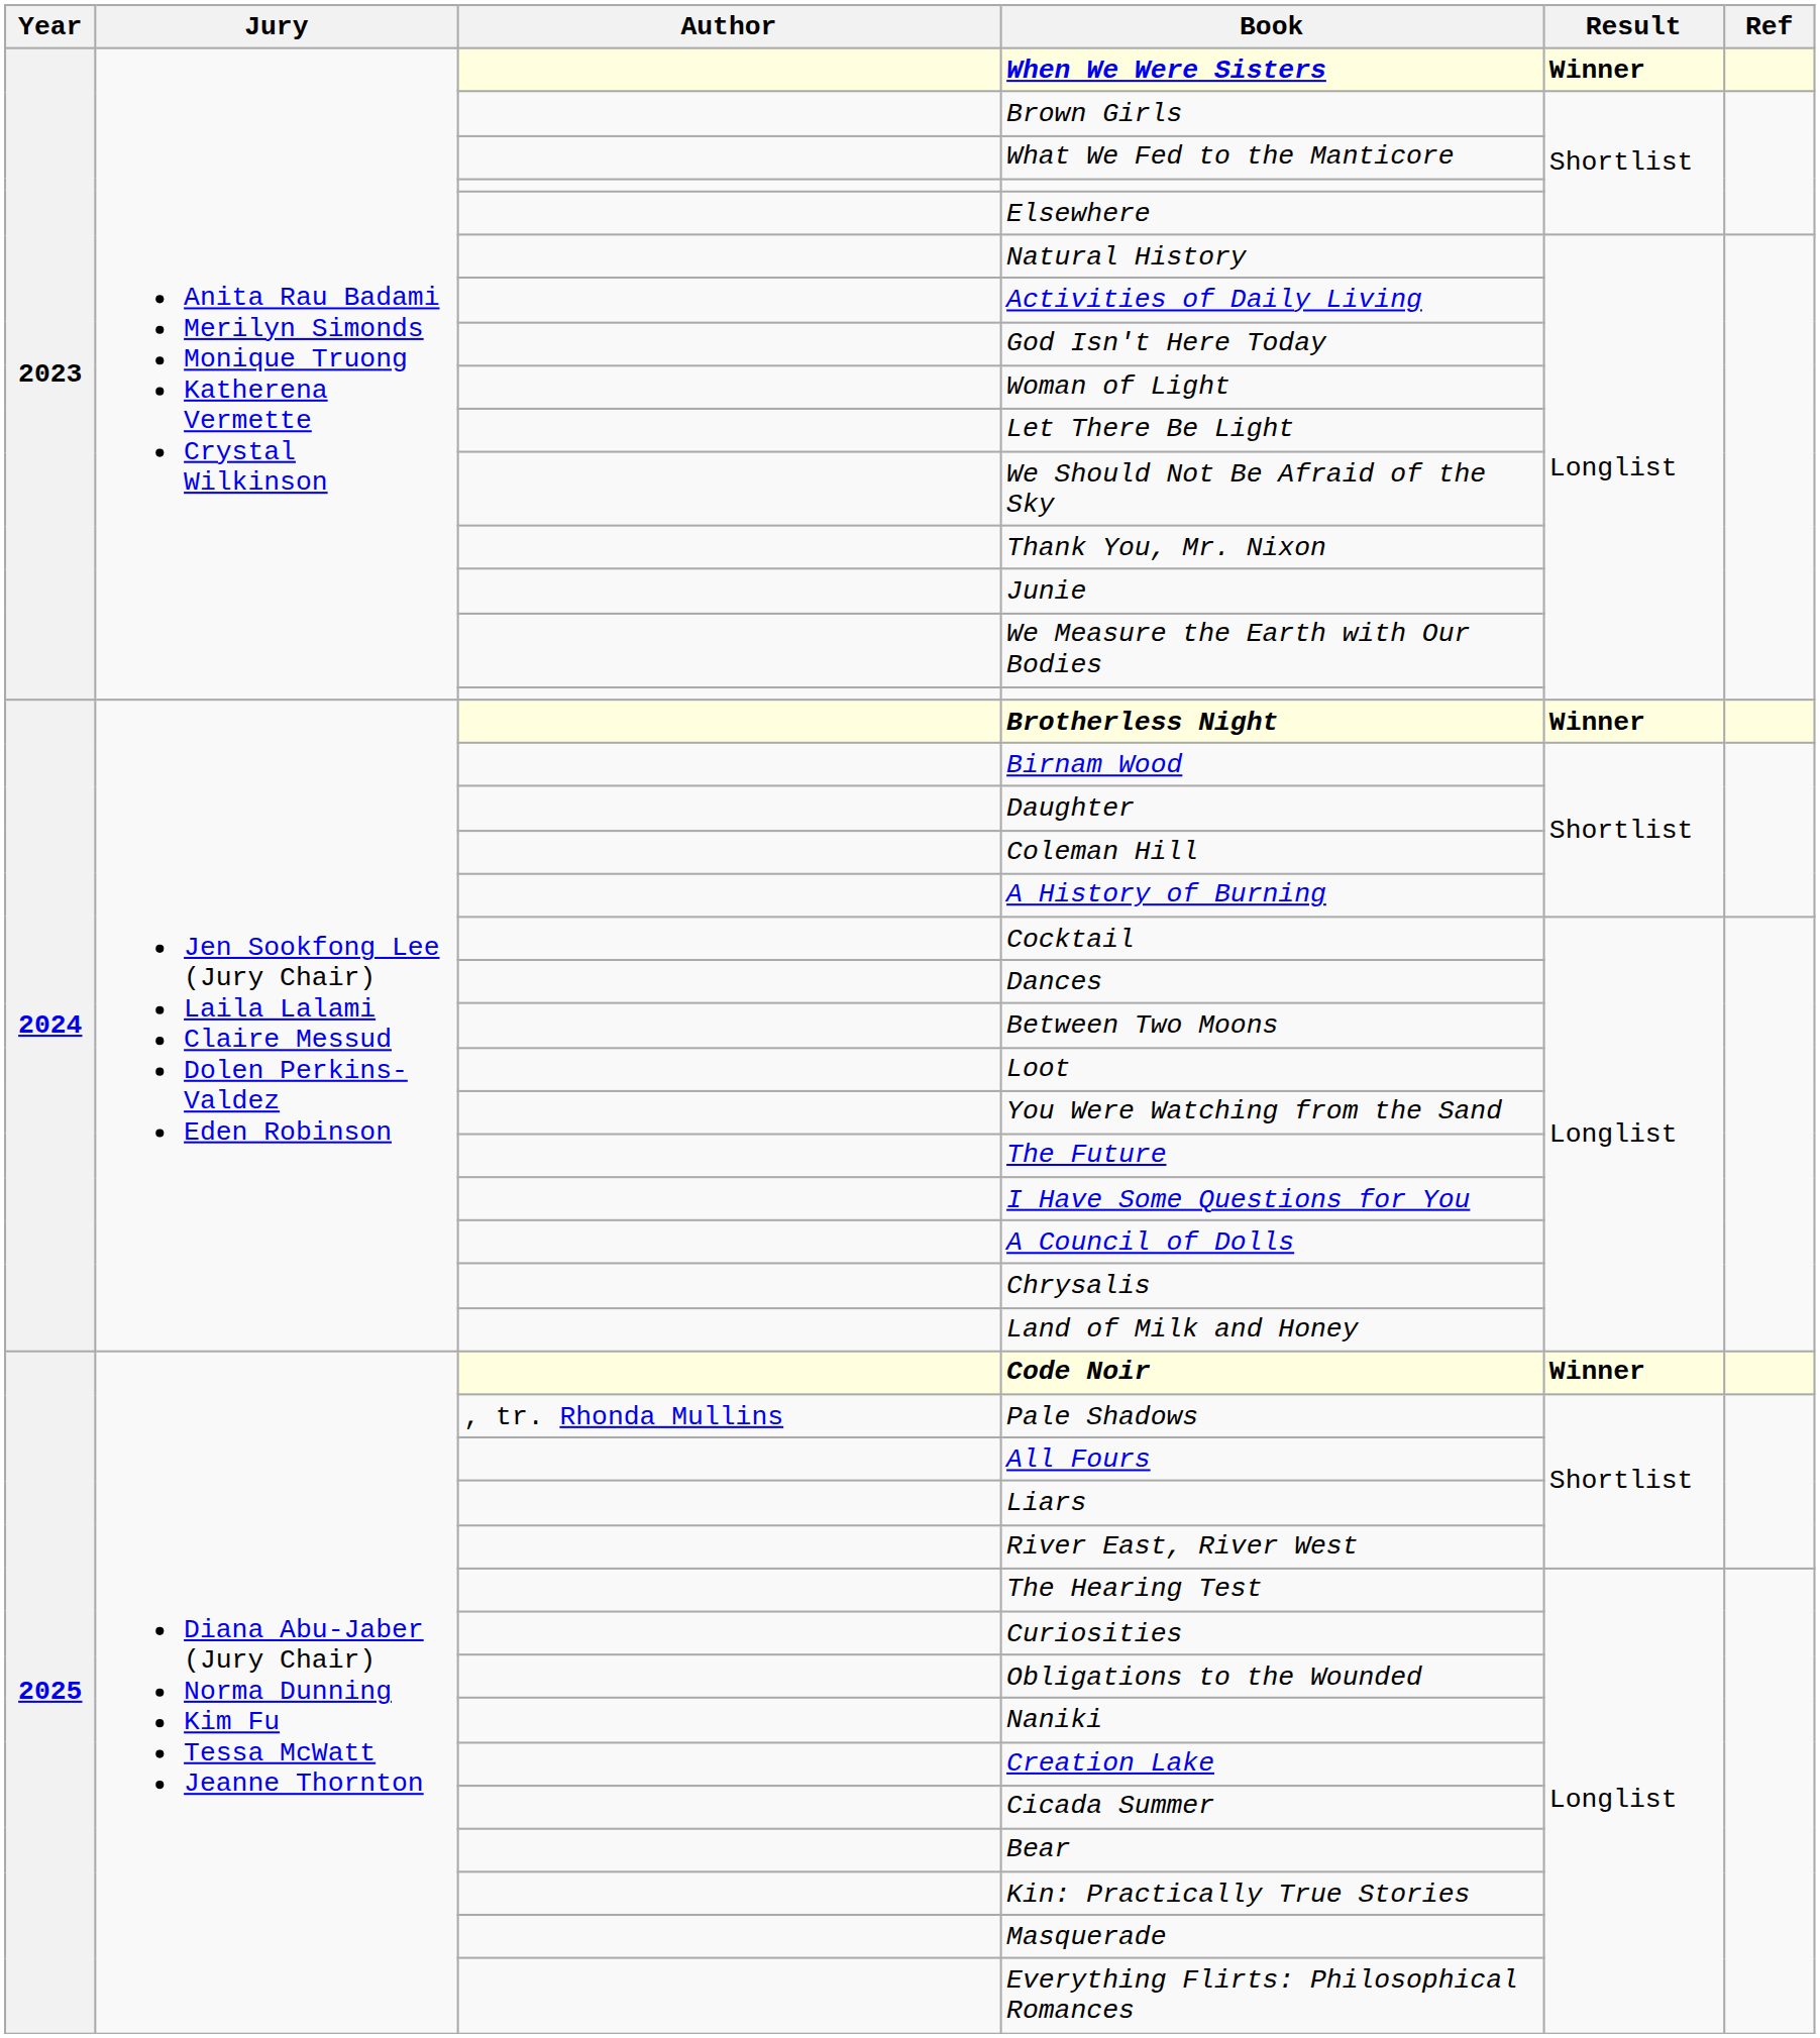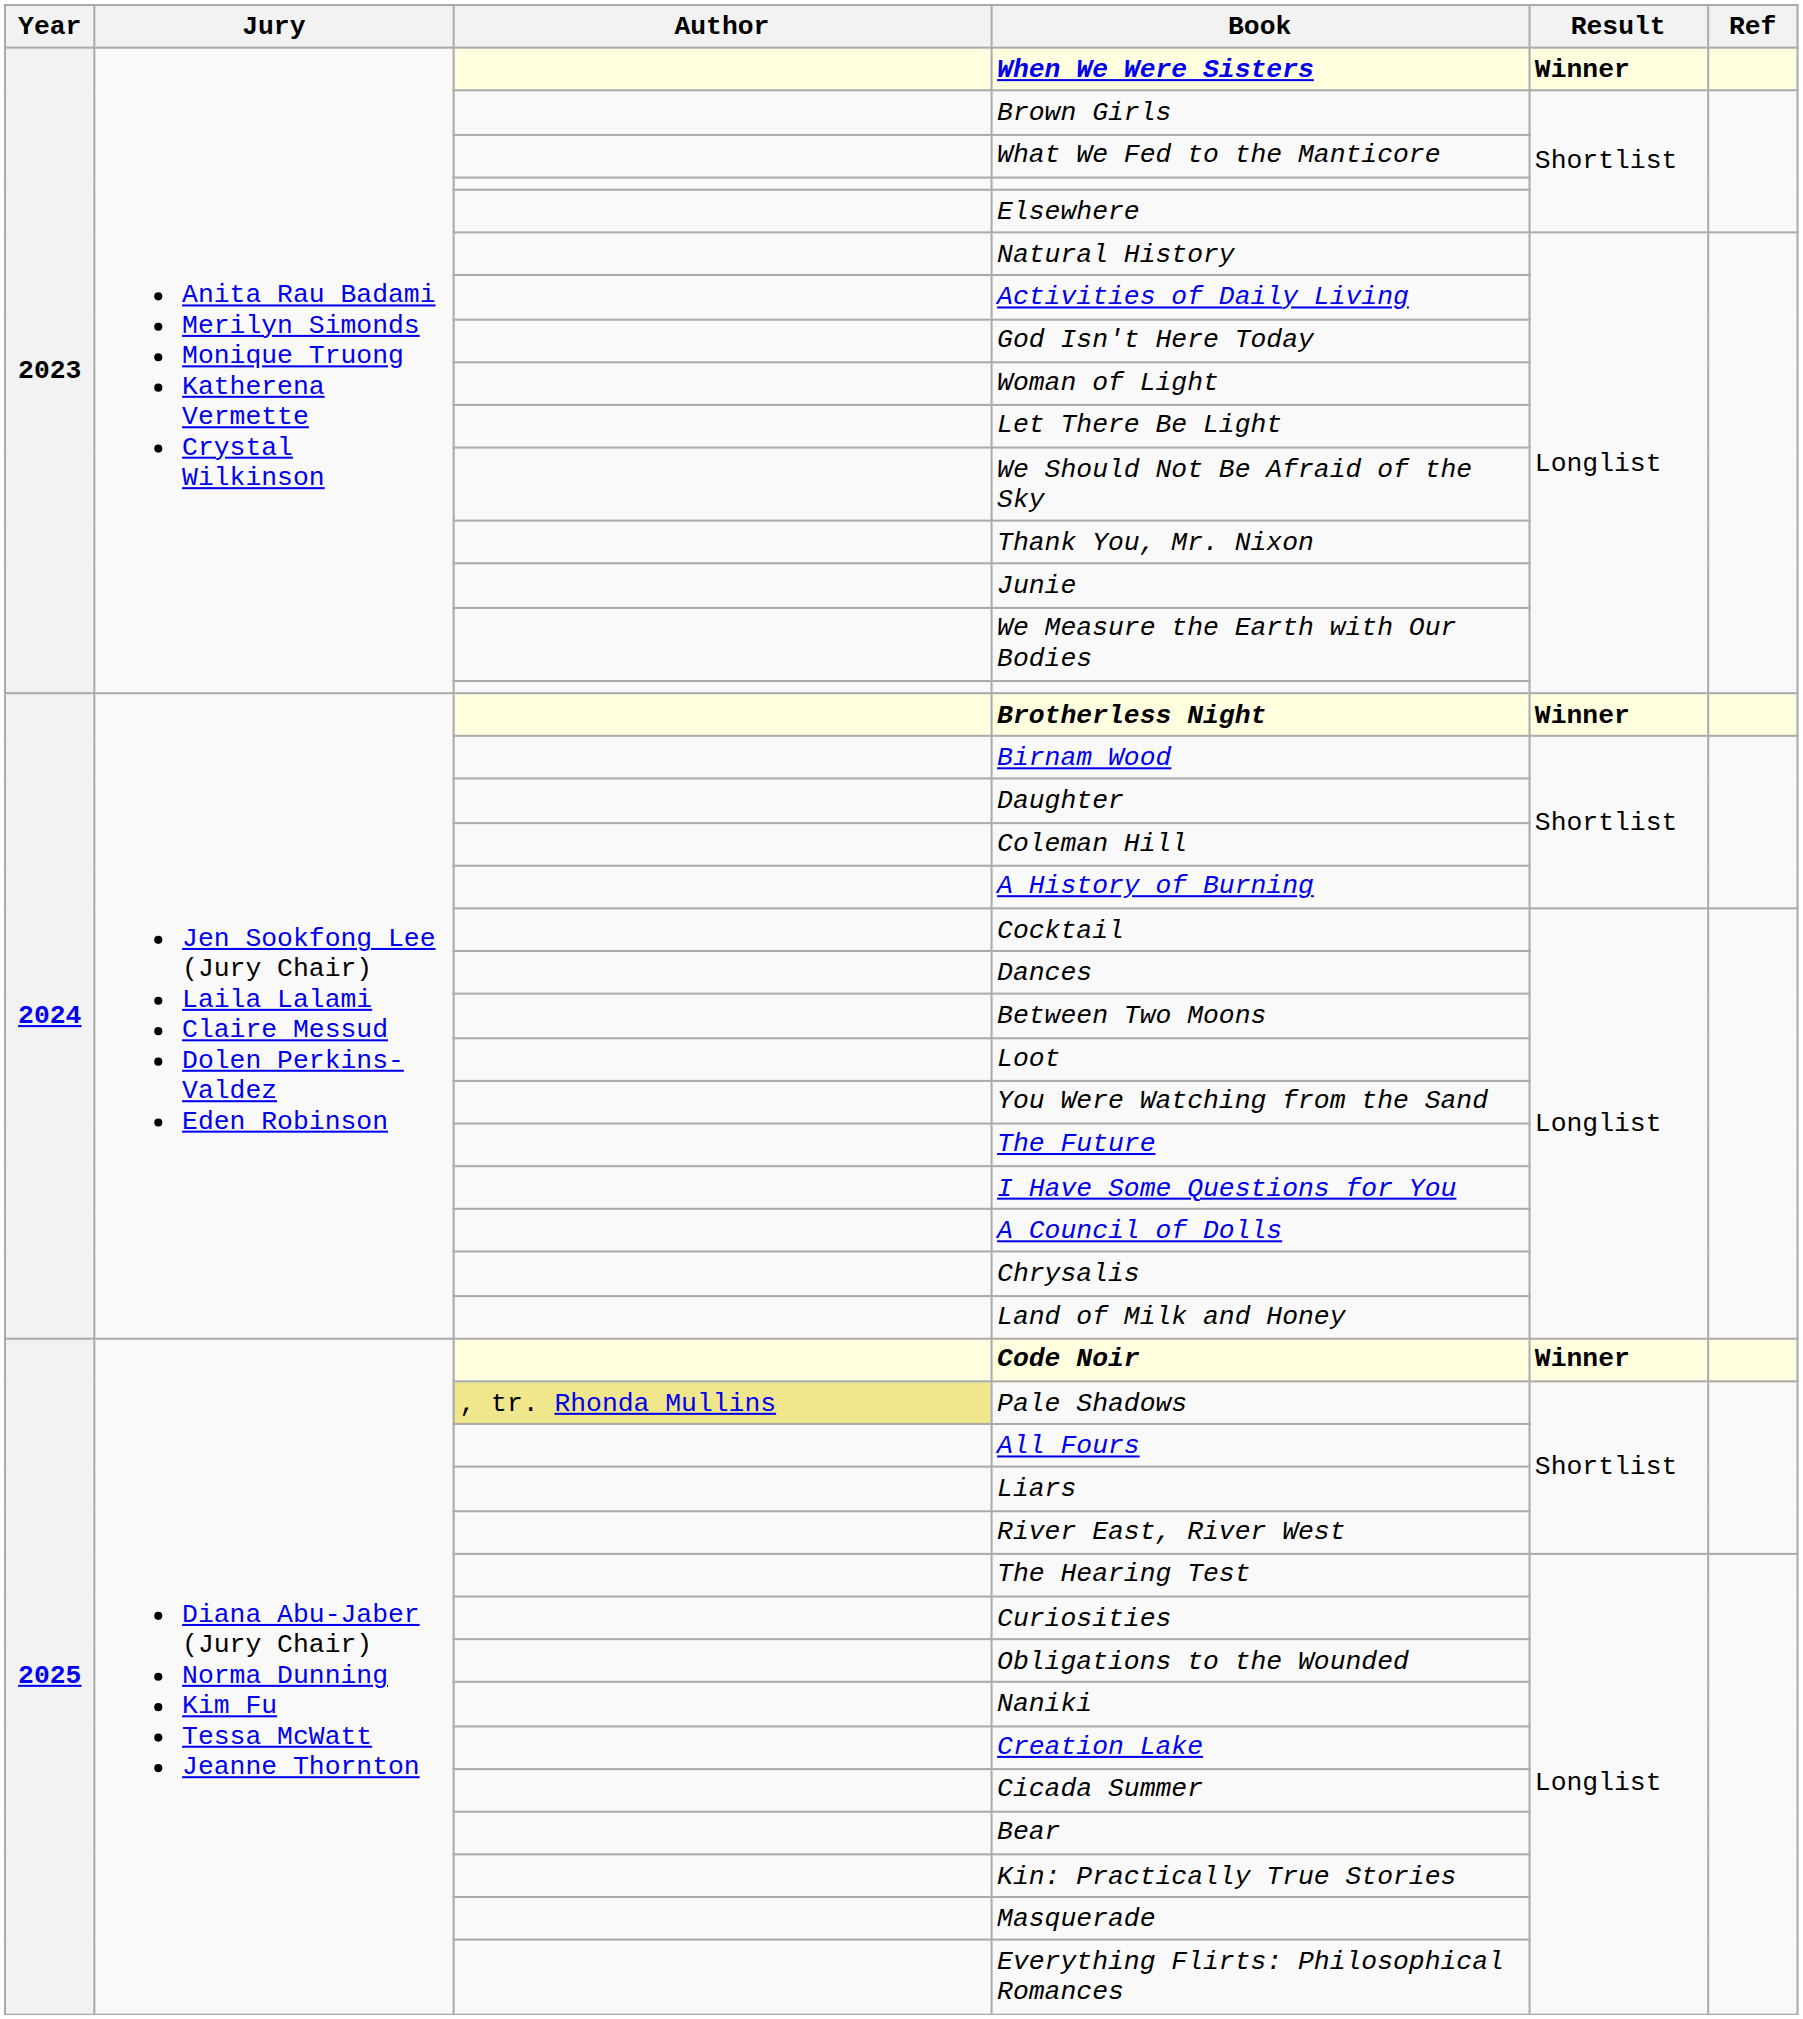 <table class="wikitable sortable" width=100%>
 <tr>
 <th scope="col" width="5%">Year</th>
 <th scope="col" width="20%">Jury</th>
 <th scope="col" width="30%">Author</th>
 <th scope="col" width="30%">Book</th>
 <th scope="col" width="10%">Result</th>
 <th scope="col" width="5%">Ref</th>
 </tr>
 <tr>
 <th rowspan="15" scope="row">2023</th>
 <td rowspan="15"><br><ul><li><a href='#'>Anita Rau Badami</a></li><li><a href='#'>Merilyn Simonds</a></li><li><a href='#'>Monique Truong</a></li><li><a href='#'>Katherena Vermette</a></li><li><a href='#'>Crystal Wilkinson</a></li></ul></td>
 <td style="background:lightyellow; white-space:nowrap; color:black"><strong></strong></td>
 <td style="background:lightyellow; white-space:nowrap; color:black"><strong><em><a href='#'>When We Were Sisters</a></em></strong></td>
 <td style="background:lightyellow; white-space:nowrap; color:black"><strong>Winner</strong></td>
 <td style="background:lightyellow; white-space:nowrap; color:black"></td>
 </tr>
 <tr>
 <td></td>
 <td><em>Brown Girls</em></td>
 <td rowspan=4>Shortlist</td>
 <td rowspan=4></td>
 </tr>
 <tr>
 <td></td>
 <td><em>What We Fed to the Manticore</em></td>
 </tr>
 <tr>
 <td></td>
 <td><em></em></td>
 </tr>
 <tr>
 <td></td>
 <td><em>Elsewhere</em></td>
 </tr>
 <tr>
 <td></td>
 <td><em>Natural History</em></td>
 <td rowspan=10>Longlist</td>
 <td rowspan=10></td>
 </tr>
 <tr>
 <td></td>
 <td><em><a href='#'>Activities of Daily Living</a></em></td>
 </tr>
 <tr>
 <td></td>
 <td><em>God Isn't Here Today</em></td>
 </tr>
 <tr>
 <td></td>
 <td><em>Woman of Light</em></td>
 </tr>
 <tr>
 <td></td>
 <td><em>Let There Be Light</em></td>
 </tr>
 <tr>
 <td></td>
 <td><em>We Should Not Be Afraid of the Sky</em></td>
 </tr>
 <tr>
 <td></td>
 <td><em>Thank You, Mr. Nixon</em></td>
 </tr>
 <tr>
 <td></td>
 <td><em>Junie</em></td>
 </tr>
 <tr>
 <td></td>
 <td><em>We Measure the Earth with Our Bodies</em></td>
 </tr>
 <tr>
 <td></td>
 <td><em></em></td>
 </tr>
 <tr>
 <th rowspan="15" scope="row"><a href='#'>2024</a></th>
 <td rowspan="15"><br><ul><li><a href='#'>Jen Sookfong Lee</a> (Jury Chair)</li><li><a href='#'>Laila Lalami</a></li><li><a href='#'>Claire Messud</a></li><li><a href='#'>Dolen Perkins-Valdez</a></li><li><a href='#'>Eden Robinson</a></li></ul></td>
 <td style="background:lightyellow; white-space:nowrap; color:black"><strong></strong></td>
 <td style="background:lightyellow; white-space:nowrap; color:black"><strong><em>Brotherless Night</em></strong></td>
 <td style="background:lightyellow; white-space:nowrap; color:black"><strong>Winner</strong></td>
 <td style="background:lightyellow; white-space:nowrap; color:black"></td>
 </tr>
 <tr>
 <td></td>
 <td><em><a href='#'>Birnam Wood</a></em></td>
 <td rowspan=4>Shortlist</td>
 <td rowspan=4></td>
 </tr>
 <tr>
 <td></td>
 <td><em>Daughter</em></td>
 </tr>
 <tr>
 <td></td>
 <td><em>Coleman Hill</em></td>
 </tr>
 <tr>
 <td></td>
 <td><em><a href='#'>A History of Burning</a></em></td>
 </tr>
 <tr>
 <td></td>
 <td><em>Cocktail</em></td>
 <td rowspan=10>Longlist</td>
 <td rowspan=10></td>
 </tr>
 <tr>
 <td></td>
 <td><em>Dances</em></td>
 </tr>
 <tr>
 <td></td>
 <td><em>Between Two Moons</em></td>
 </tr>
 <tr>
 <td></td>
 <td><em>Loot</em></td>
 </tr>
 <tr>
 <td></td>
 <td><em>You Were Watching from the Sand</em></td>
 </tr>
 <tr>
 <td></td>
 <td><em><a href='#'>The Future</a></em></td>
 </tr>
 <tr>
 <td></td>
 <td><em><a href='#'>I Have Some Questions for You</a></em></td>
 </tr>
 <tr>
 <td></td>
 <td><em><a href='#'>A Council of Dolls</a></em></td>
 </tr>
 <tr>
 <td></td>
 <td><em>Chrysalis</em></td>
 </tr>
 <tr>
 <td></td>
 <td><em>Land of Milk and Honey</em></td>
 </tr>
 <tr>
 <th rowspan="15"><a href='#'>2025</a></th>
 <td rowspan="15"><br><ul><li><a href='#'>Diana Abu-Jaber</a> (Jury Chair)</li><li><a href='#'>Norma Dunning</a></li><li><a href='#'>Kim Fu</a></li><li><a href='#'>Tessa McWatt</a></li><li><a href='#'>Jeanne Thornton</a></li></ul></td>
 <td style="background:lightyellow; white-space:nowrap; color:black"><strong></strong></td>
 <td style="background:lightyellow; white-space:nowrap; color:black"><strong><em>Code Noir</em></strong></td>
 <td style="background:lightyellow; white-space:nowrap; color:black"><strong>Winner</strong></td>
 <td style="background:lightyellow; white-space:nowrap; color:black"></td>
 </tr>
 <tr>
-<td>, tr. <a href='#'>Rhonda Mullins</a></td>
+<td style="background: khaki;">, tr. <a href='#'>Rhonda Mullins</a></td>
 <td><em>Pale Shadows</em></td>
 <td rowspan="4">Shortlist</td>
 <td rowspan="4"></td>
 </tr>
 <tr>
 <td></td>
 <td><em><a href='#'>All Fours</a></em></td>
 </tr>
 <tr>
 <td></td>
 <td><em>Liars</em></td>
 </tr>
 <tr>
 <td></td>
 <td><em>River East, River West</em></td>
 </tr>
 <tr>
 <td></td>
 <td><em>The Hearing Test</em></td>
 <td rowspan="10">Longlist</td>
 <td rowspan="10"></td>
 </tr>
 <tr>
 <td></td>
 <td><em>Curiosities</em></td>
 </tr>
 <tr>
 <td></td>
 <td><em>Obligations to the Wounded</em></td>
 </tr>
 <tr>
 <td></td>
 <td><em>Naniki</em></td>
 </tr>
 <tr>
 <td></td>
 <td><em><a href='#'>Creation Lake</a></em></td>
 </tr>
 <tr>
 <td></td>
 <td><em>Cicada Summer</em></td>
 </tr>
 <tr>
 <td></td>
 <td><em>Bear</em></td>
 </tr>
 <tr>
 <td></td>
 <td><em>Kin: Practically True Stories</em></td>
 </tr>
 <tr>
 <td></td>
 <td><em>Masquerade</em></td>
 </tr>
 <tr>
 <td></td>
 <td><em>Everything Flirts: Philosophical Romances</em></td>
 </tr>
 </table>
